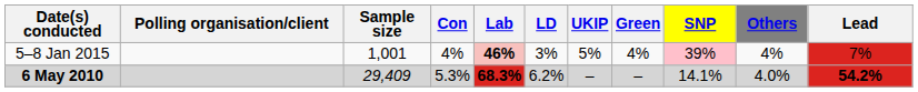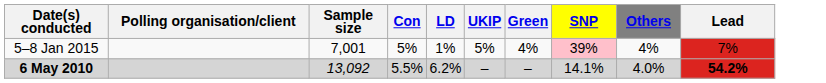 <table class="wikitable sortable" style="text-align:center;font-size:90%;line-height:14px">
 <tr>
 <th ! style="width:100px;">Date(s)<br>conducted</th>
 <th style="width:200px;">Polling organisation/client</th>
 <th class="unsortable" style="width:75px;">Sample size</th>
 <th class="unsortable" style="background:"><a href='#'><span>Con</span></a></th>
-<th class="unsortable" style="background:"><a href='#'><span>Lab</span></a></th>
 <th class="unsortable" style="background:"><a href='#'><span>LD</span></a></th>
 <th class="unsortable" style="background:"><a href='#'><span>UKIP</span></a></th>
 <th class="unsortable" style="background:"><a href='#'><span>Green</span></a></th>
 <th class="unsortable" style="background:#ffff00; width:60px;"><a href='#'><span>SNP</span></a></th>
 <th class="unsortable" style="background:gray; width:60px;"><a href='#'><span>Others</span></a></th>
 <th class="unsortable" style="width:90px;">Lead</th>
 </tr>
 <tr>
 <td>5–8 Jan 2015</td>
 <td> </td>
-<td>1,001</td>
-<td>4%</td>
-<td style="background:#F8C1BE"><strong>46%</strong></td>
-<td>3%</td>
+<td>7,001</td>
+<td>5%</td>
+<td>1%</td>
 <td>5%</td>
 <td>4%</td>
 <td style="background: pink;">39%</td>
 <td>4%</td>
 <td style="background:#dc241f"><span>7% </span></td>
 </tr>
 <tr>
 <td style="background:#D5D5D5"><strong>6 May 2010</strong></td>
 <td style="background:#D5D5D5"></td>
-<td style="background:#D5D5D5"><em>29,409</em></td>
-<td style="background:#D5D5D5">5.3%</td>
-<td style="background:#dc241f"><span><strong>68.3%</strong></span></td>
+<td style="background:#D5D5D5"><em>13,092</em></td>
+<td style="background:#D5D5D5">5.5%</td>
 <td style="background:#D5D5D5">6.2%</td>
 <td style="background:#D5D5D5">–</td>
 <td style="background:#D5D5D5">–</td>
 <td style="background:#D5D5D5">14.1%</td>
 <td style="background:#D5D5D5">4.0%</td>
 <td style="background:#dc241f"><span><strong>54.2% </strong></span></td>
 </tr>
 </table>
